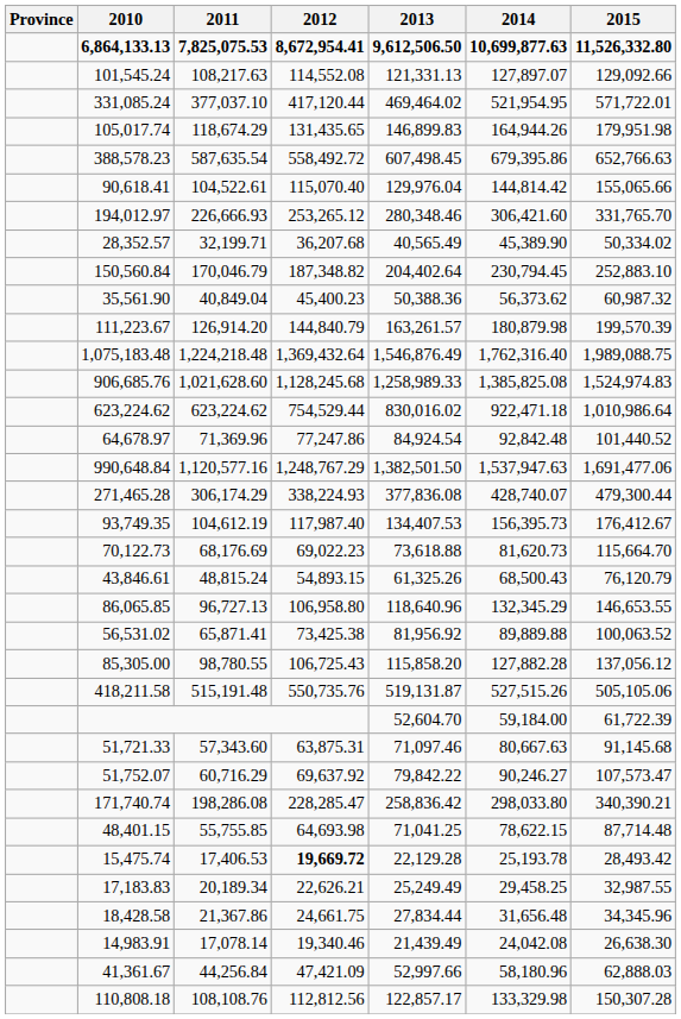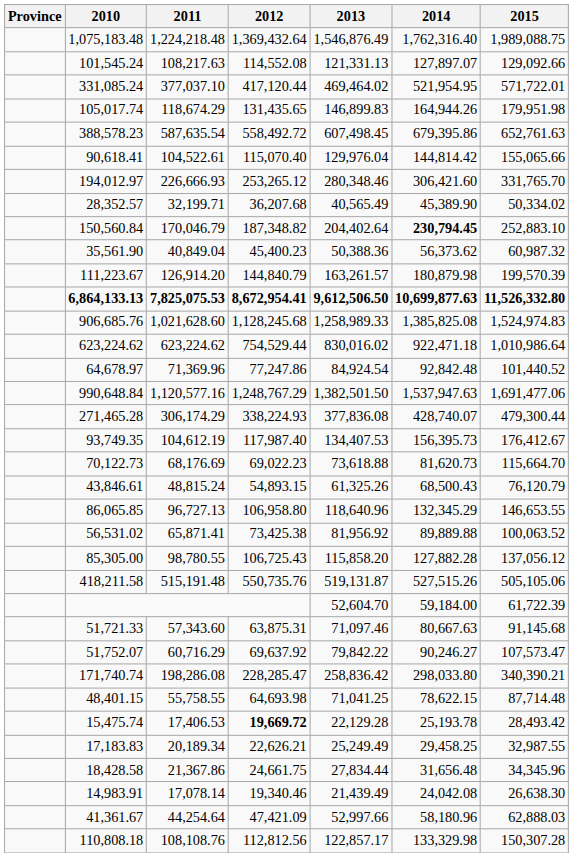 <table class="wikitable sortable sticky-header static-row-numbers" style="text-align:center; font-size:85%;">
 <tr>
 <th>Province</th>
 <th data-sort-type="number">2010<br></th>
 <th data-sort-type="number">2011<br></th>
 <th data-sort-type="number">2012<br></th>
 <th data-sort-type="number">2013<br></th>
 <th data-sort-type="number">2014<br></th>
 <th data-sort-type="number">2015<br></th>
 </tr>
-<tr class="sorttop static-row-header" style="font-weight: bold;">
+<tr>
 <td></td>
-<td>6,864,133.13</td>
-<td>7,825,075.53</td>
-<td>8,672,954.41</td>
-<td>9,612,506.50</td>
-<td>10,699,877.63</td>
-<td>11,526,332.80</td>
+<td align=right>1,075,183.48</td>
+<td align=right>1,224,218.48</td>
+<td align=right>1,369,432.64</td>
+<td align=right>1,546,876.49</td>
+<td align=right>1,762,316.40</td>
+<td align=right>1,989,088.75</td>
 </tr>
 <tr>
 <td></td>
 <td align=right>101,545.24</td>
 <td align=right>108,217.63</td>
 <td align=right>114,552.08</td>
 <td align=right>121,331.13</td>
 <td align=right>127,897.07</td>
 <td align=right>129,092.66</td>
 </tr>
 <tr>
 <td></td>
 <td align=right>331,085.24</td>
 <td align=right>377,037.10</td>
 <td align=right>417,120.44</td>
 <td align=right>469,464.02</td>
 <td align=right>521,954.95</td>
 <td align=right>571,722.01</td>
 </tr>
 <tr>
 <td></td>
 <td align=right>105,017.74</td>
 <td align=right>118,674.29</td>
 <td align=right>131,435.65</td>
 <td align=right>146,899.83</td>
 <td align=right>164,944.26</td>
 <td align=right>179,951.98</td>
 </tr>
 <tr>
 <td></td>
 <td align=right>388,578.23</td>
 <td align=right>587,635.54</td>
 <td align=right>558,492.72</td>
 <td align=right>607,498.45</td>
 <td align=right>679,395.86</td>
-<td align=right>652,766.63</td>
+<td align=right>652,761.63</td>
 </tr>
 <tr>
 <td></td>
 <td align=right>90,618.41</td>
 <td align=right>104,522.61</td>
 <td align=right>115,070.40</td>
 <td align=right>129,976.04</td>
 <td align=right>144,814.42</td>
 <td align=right>155,065.66</td>
 </tr>
 <tr>
 <td></td>
 <td align=right>194,012.97</td>
 <td align=right>226,666.93</td>
 <td align=right>253,265.12</td>
 <td align=right>280,348.46</td>
 <td align=right>306,421.60</td>
 <td align=right>331,765.70</td>
 </tr>
 <tr>
 <td></td>
 <td align=right>28,352.57</td>
 <td align=right>32,199.71</td>
 <td align=right>36,207.68</td>
 <td align=right>40,565.49</td>
 <td align=right>45,389.90</td>
 <td align=right>50,334.02</td>
 </tr>
 <tr>
 <td></td>
 <td align=right>150,560.84</td>
 <td align=right>170,046.79</td>
 <td align=right>187,348.82</td>
 <td align=right>204,402.64</td>
-<td align=right>230,794.45</td>
+<td align=right><strong>230,794.45</strong></td>
 <td align=right>252,883.10</td>
 </tr>
 <tr>
 <td></td>
 <td align=right>35,561.90</td>
 <td align=right>40,849.04</td>
 <td align=right>45,400.23</td>
 <td align=right>50,388.36</td>
 <td align=right>56,373.62</td>
 <td align=right>60,987.32</td>
 </tr>
 <tr>
 <td></td>
 <td align=right>111,223.67</td>
 <td align=right>126,914.20</td>
 <td align=right>144,840.79</td>
 <td align=right>163,261.57</td>
 <td align=right>180,879.98</td>
 <td align=right>199,570.39</td>
 </tr>
-<tr>
+<tr class="sorttop static-row-header" style="font-weight: bold;">
 <td></td>
-<td align=right>1,075,183.48</td>
-<td align=right>1,224,218.48</td>
-<td align=right>1,369,432.64</td>
-<td align=right>1,546,876.49</td>
-<td align=right>1,762,316.40</td>
-<td align=right>1,989,088.75</td>
+<td>6,864,133.13</td>
+<td>7,825,075.53</td>
+<td>8,672,954.41</td>
+<td>9,612,506.50</td>
+<td>10,699,877.63</td>
+<td>11,526,332.80</td>
 </tr>
 <tr>
 <td></td>
 <td align=right>906,685.76</td>
 <td align=right>1,021,628.60</td>
 <td align=right>1,128,245.68</td>
 <td align=right>1,258,989.33</td>
 <td align=right>1,385,825.08</td>
 <td align=right>1,524,974.83</td>
 </tr>
 <tr>
 <td></td>
 <td align=right>623,224.62</td>
 <td align=right>623,224.62</td>
 <td align=right>754,529.44</td>
 <td align=right>830,016.02</td>
 <td align=right>922,471.18</td>
 <td align=right>1,010,986.64</td>
 </tr>
 <tr>
 <td></td>
 <td align=right>64,678.97</td>
 <td align=right>71,369.96</td>
 <td align=right>77,247.86</td>
 <td align=right>84,924.54</td>
 <td align=right>92,842.48</td>
 <td align=right>101,440.52</td>
 </tr>
 <tr>
 <td></td>
 <td align=right>990,648.84</td>
 <td align=right>1,120,577.16</td>
 <td align=right>1,248,767.29</td>
 <td align=right>1,382,501.50</td>
 <td align=right>1,537,947.63</td>
 <td align=right>1,691,477.06</td>
 </tr>
 <tr>
 <td></td>
 <td align=right>271,465.28</td>
 <td align=right>306,174.29</td>
 <td align=right>338,224.93</td>
 <td align=right>377,836.08</td>
 <td align=right>428,740.07</td>
 <td align=right>479,300.44</td>
 </tr>
 <tr>
 <td></td>
 <td align=right>93,749.35</td>
 <td align=right>104,612.19</td>
 <td align=right>117,987.40</td>
 <td align=right>134,407.53</td>
 <td align=right>156,395.73</td>
 <td align=right>176,412.67</td>
 </tr>
 <tr>
 <td></td>
 <td align=right>70,122.73</td>
 <td align=right>68,176.69</td>
 <td align=right>69,022.23</td>
 <td align=right>73,618.88</td>
 <td align=right>81,620.73</td>
 <td align=right>115,664.70</td>
 </tr>
 <tr>
 <td></td>
 <td align=right>43,846.61</td>
 <td align=right>48,815.24</td>
 <td align=right>54,893.15</td>
 <td align=right>61,325.26</td>
 <td align=right>68,500.43</td>
 <td align=right>76,120.79</td>
 </tr>
 <tr>
 <td></td>
 <td align=right>86,065.85</td>
 <td align=right>96,727.13</td>
 <td align=right>106,958.80</td>
 <td align=right>118,640.96</td>
 <td align=right>132,345.29</td>
 <td align=right>146,653.55</td>
 </tr>
 <tr>
 <td></td>
 <td align=right>56,531.02</td>
 <td align=right>65,871.41</td>
 <td align=right>73,425.38</td>
 <td align=right>81,956.92</td>
 <td align=right>89,889.88</td>
 <td align=right>100,063.52</td>
 </tr>
 <tr>
 <td></td>
 <td align=right>85,305.00</td>
 <td align=right>98,780.55</td>
 <td align=right>106,725.43</td>
 <td align=right>115,858.20</td>
 <td align=right>127,882.28</td>
 <td align=right>137,056.12</td>
 </tr>
 <tr>
 <td></td>
 <td align=right>418,211.58</td>
 <td align=right>515,191.48</td>
 <td align=right>550,735.76</td>
 <td align=right>519,131.87</td>
 <td align=right>527,515.26</td>
 <td align=right>505,105.06</td>
 </tr>
 <tr>
 <td></td>
 <td colspan="3" align=center></td>
 <td align=right>52,604.70</td>
 <td align=right>59,184.00</td>
 <td align=right>61,722.39</td>
 </tr>
 <tr>
 <td></td>
 <td align=right>51,721.33</td>
 <td align=right>57,343.60</td>
 <td align=right>63,875.31</td>
 <td align=right>71,097.46</td>
 <td align=right>80,667.63</td>
 <td align=right>91,145.68</td>
 </tr>
 <tr>
 <td></td>
 <td align=right>51,752.07</td>
 <td align=right>60,716.29</td>
 <td align=right>69,637.92</td>
 <td align=right>79,842.22</td>
 <td align=right>90,246.27</td>
 <td align=right>107,573.47</td>
 </tr>
 <tr>
 <td></td>
 <td align=right>171,740.74</td>
 <td align=right>198,286.08</td>
 <td align=right>228,285.47</td>
 <td align=right>258,836.42</td>
 <td align=right>298,033.80</td>
 <td align=right>340,390.21</td>
 </tr>
 <tr>
 <td></td>
 <td align=right>48,401.15</td>
-<td align=right>55,755.85</td>
+<td align=right>55,758.55</td>
 <td align=right>64,693.98</td>
 <td align=right>71,041.25</td>
 <td align=right>78,622.15</td>
 <td align=right>87,714.48</td>
 </tr>
 <tr>
 <td></td>
 <td align=right>15,475.74</td>
 <td align=right>17,406.53</td>
 <td align=right><strong>19,669.72</strong></td>
 <td align=right>22,129.28</td>
 <td align=right>25,193.78</td>
 <td align=right>28,493.42</td>
 </tr>
 <tr>
 <td></td>
 <td align=right>17,183.83</td>
 <td align=right>20,189.34</td>
 <td align=right>22,626.21</td>
 <td align=right>25,249.49</td>
 <td align=right>29,458.25</td>
 <td align=right>32,987.55</td>
 </tr>
 <tr>
 <td></td>
 <td align=right>18,428.58</td>
 <td align=right>21,367.86</td>
 <td align=right>24,661.75</td>
 <td align=right>27,834.44</td>
 <td align=right>31,656.48</td>
 <td align=right>34,345.96</td>
 </tr>
 <tr>
 <td></td>
 <td align=right>14,983.91</td>
 <td align=right>17,078.14</td>
 <td align=right>19,340.46</td>
 <td align=right>21,439.49</td>
 <td align=right>24,042.08</td>
 <td align=right>26,638.30</td>
 </tr>
 <tr>
 <td></td>
 <td align=right>41,361.67</td>
-<td align=right>44,256.84</td>
+<td align=right>44,254.64</td>
 <td align=right>47,421.09</td>
 <td align=right>52,997.66</td>
 <td align=right>58,180.96</td>
 <td align=right>62,888.03</td>
 </tr>
 <tr>
 <td></td>
 <td align=right>110,808.18</td>
 <td align=right>108,108.76</td>
 <td align=right>112,812.56</td>
 <td align=right>122,857.17</td>
 <td align=right>133,329.98</td>
 <td align=right>150,307.28</td>
 </tr>
 </table>
